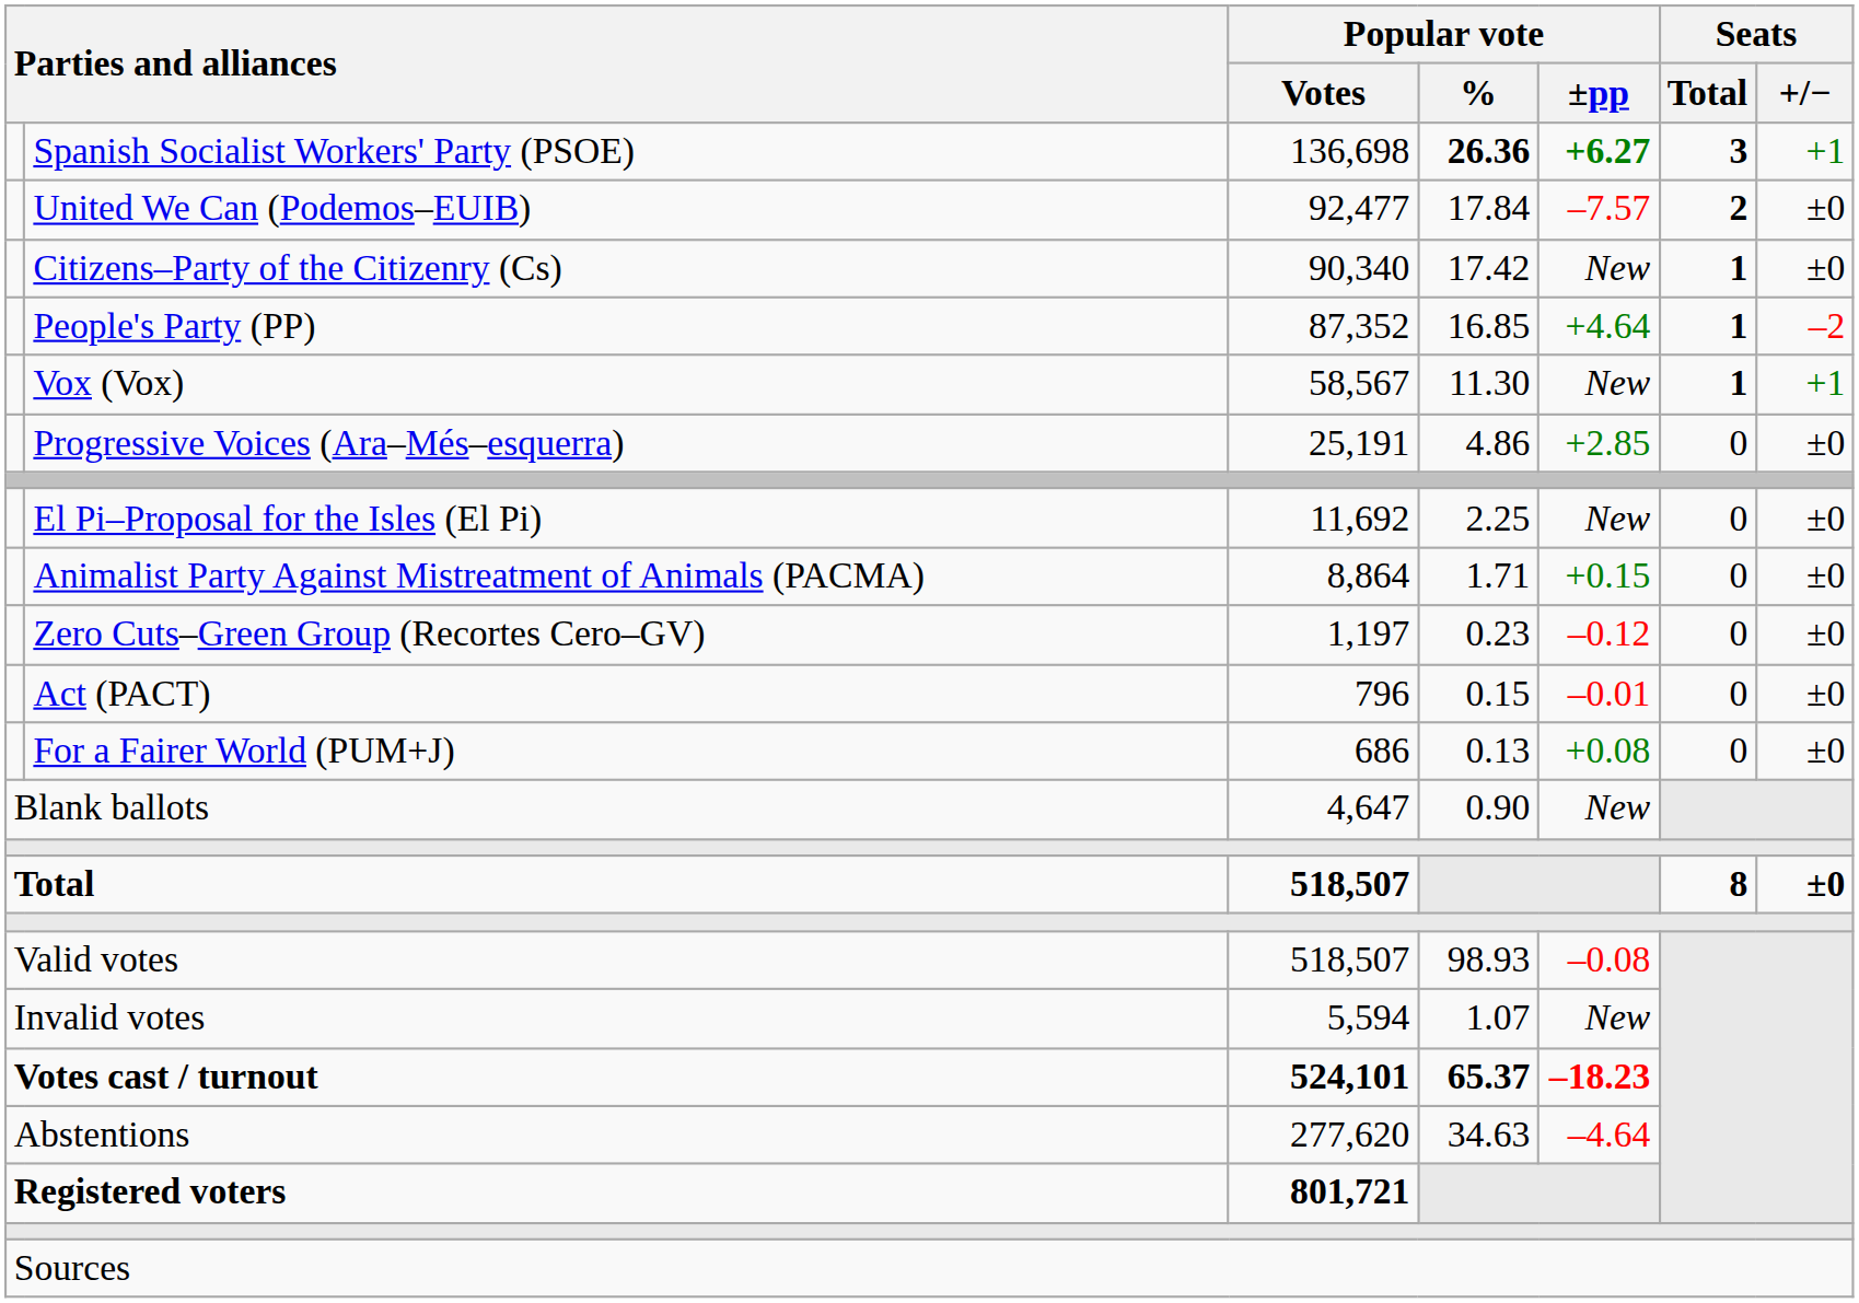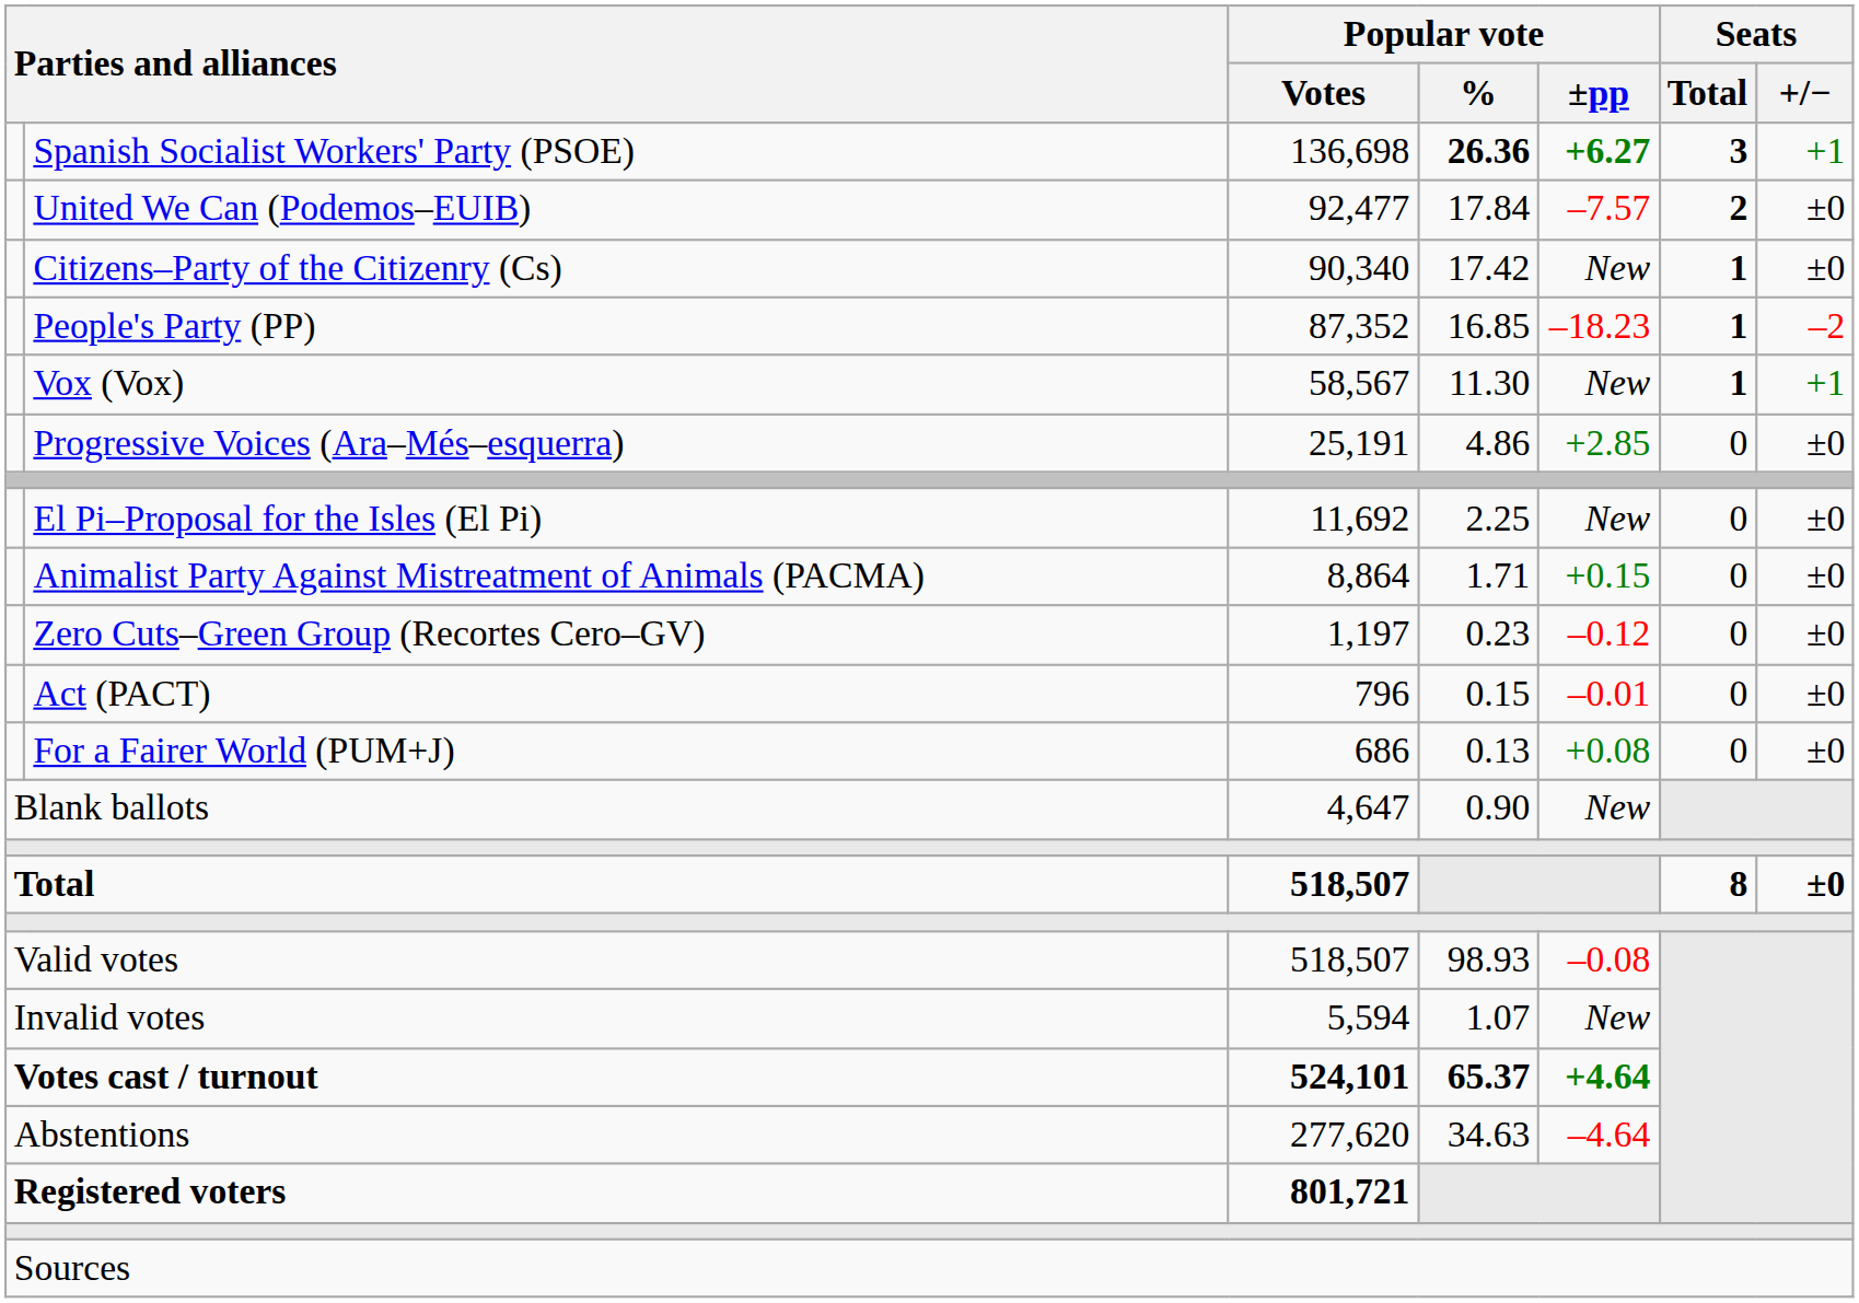 <table class="wikitable" style="text-align:right;">
 <tr>
 <th style="text-align:left;" rowspan="2" colspan="2" width="525">Parties and alliances</th>
 <th colspan="3">Popular vote</th>
 <th colspan="2">Seats</th>
 </tr>
 <tr>
 <th width="75">Votes</th>
 <th width="45">%</th>
 <th width="45">±<a href='#'>pp</a></th>
 <th width="35">Total</th>
 <th width="35">+/−</th>
 </tr>
 <tr>
 <td width="1" style="color:inherit;background:"></td>
 <td align="left"><a href='#'>Spanish Socialist Workers' Party</a> (PSOE)</td>
 <td>136,698</td>
 <td><strong>26.36</strong></td>
 <td style="color:green;"><strong>+6.27</strong></td>
 <td><strong>3</strong></td>
 <td style="color:green;">+1</td>
 </tr>
 <tr>
 <td style="color:inherit;background:"></td>
 <td align="left"><a href='#'>United We Can</a> (<a href='#'>Podemos</a>–<a href='#'>EUIB</a>)</td>
 <td>92,477</td>
 <td>17.84</td>
 <td style="color:red;">–7.57</td>
 <td><strong>2</strong></td>
 <td>±0</td>
 </tr>
 <tr>
 <td style="color:inherit;background:"></td>
 <td align="left"><a href='#'>Citizens–Party of the Citizenry</a> (Cs)</td>
 <td>90,340</td>
 <td>17.42</td>
 <td><em>New</em></td>
 <td><strong>1</strong></td>
 <td>±0</td>
 </tr>
 <tr>
 <td style="color:inherit;background:"></td>
 <td align="left"><a href='#'>People's Party</a> (PP)</td>
 <td>87,352</td>
 <td>16.85</td>
-<td style="color:green;">+4.64</td>
+<td style="color:red;">–18.23</td>
 <td><strong>1</strong></td>
 <td style="color:red;">–2</td>
 </tr>
 <tr>
 <td style="color:inherit;background:"></td>
 <td align="left"><a href='#'>Vox</a> (Vox)</td>
 <td>58,567</td>
 <td>11.30</td>
 <td><em>New</em></td>
 <td><strong>1</strong></td>
 <td style="color:green;">+1</td>
 </tr>
 <tr>
 <td style="color:inherit;background:"></td>
 <td align="left"><a href='#'>Progressive Voices</a> (<a href='#'>Ara</a>–<a href='#'>Més</a>–<a href='#'>esquerra</a>)</td>
 <td>25,191</td>
 <td>4.86</td>
 <td style="color:green;">+2.85</td>
 <td>0</td>
 <td>±0</td>
 </tr>
 <tr>
 <td colspan="7" bgcolor="#C0C0C0"></td>
 </tr>
 <tr>
 <td style="color:inherit;background:"></td>
 <td align="left"><a href='#'>El Pi–Proposal for the Isles</a> (El Pi)</td>
 <td>11,692</td>
 <td>2.25</td>
 <td><em>New</em></td>
 <td>0</td>
 <td>±0</td>
 </tr>
 <tr>
 <td style="color:inherit;background:"></td>
 <td align="left"><a href='#'>Animalist Party Against Mistreatment of Animals</a> (PACMA)</td>
 <td>8,864</td>
 <td>1.71</td>
 <td style="color:green;">+0.15</td>
 <td>0</td>
 <td>±0</td>
 </tr>
 <tr>
 <td style="color:inherit;background:"></td>
 <td align="left"><a href='#'>Zero Cuts</a>–<a href='#'>Green Group</a> (Recortes Cero–GV)</td>
 <td>1,197</td>
 <td>0.23</td>
 <td style="color:red;">–0.12</td>
 <td>0</td>
 <td>±0</td>
 </tr>
 <tr>
 <td style="color:inherit;background:"></td>
 <td align="left"><a href='#'>Act</a> (PACT)</td>
 <td>796</td>
 <td>0.15</td>
 <td style="color:red;">–0.01</td>
 <td>0</td>
 <td>±0</td>
 </tr>
 <tr>
 <td style="color:inherit;background:"></td>
 <td align="left"><a href='#'>For a Fairer World</a> (PUM+J)</td>
 <td>686</td>
 <td>0.13</td>
 <td style="color:green;">+0.08</td>
 <td>0</td>
 <td>±0</td>
 </tr>
 <tr>
 <td align="left" colspan="2">Blank ballots</td>
 <td>4,647</td>
 <td>0.90</td>
 <td><em>New</em></td>
 <td bgcolor="#E9E9E9" colspan="2"></td>
 </tr>
 <tr>
 <td colspan="7" bgcolor="#E9E9E9"></td>
 </tr>
 <tr style="font-weight:bold;">
 <td align="left" colspan="2">Total</td>
 <td>518,507</td>
 <td bgcolor="#E9E9E9" colspan="2"></td>
 <td>8</td>
 <td>±0</td>
 </tr>
 <tr>
 <td colspan="7" bgcolor="#E9E9E9"></td>
 </tr>
 <tr>
 <td align="left" colspan="2">Valid votes</td>
 <td>518,507</td>
 <td>98.93</td>
 <td style="color:red;">–0.08</td>
 <td bgcolor="#E9E9E9" colspan="2" rowspan="5"></td>
 </tr>
 <tr>
 <td align="left" colspan="2">Invalid votes</td>
 <td>5,594</td>
 <td>1.07</td>
 <td><em>New</em></td>
 </tr>
 <tr style="font-weight:bold;">
 <td align="left" colspan="2">Votes cast / turnout</td>
 <td>524,101</td>
 <td>65.37</td>
-<td style="color:red;">–18.23</td>
+<td style="color:green;">+4.64</td>
 </tr>
 <tr>
 <td align="left" colspan="2">Abstentions</td>
 <td>277,620</td>
 <td>34.63</td>
 <td style="color:red;">–4.64</td>
 </tr>
 <tr style="font-weight:bold;">
 <td align="left" colspan="2">Registered voters</td>
 <td>801,721</td>
 <td bgcolor="#E9E9E9" colspan="2"></td>
 </tr>
 <tr>
 <td colspan="7" bgcolor="#E9E9E9"></td>
 </tr>
 <tr>
 <td align="left" colspan="7">Sources</td>
 </tr>
 </table>
